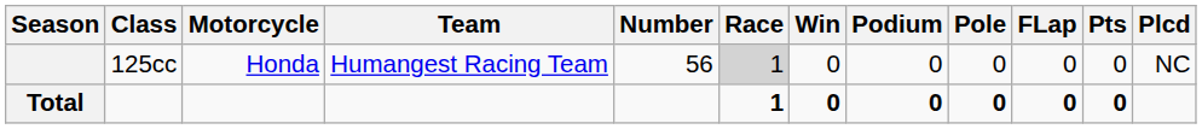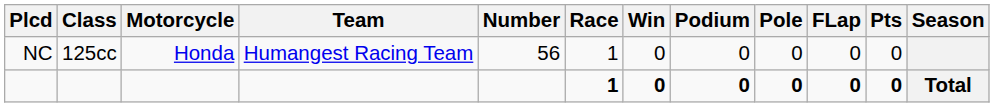 <table class="wikitable">
 <tr>
-<th>Season</th>
+<th>Plcd</th>
 <th>Class</th>
 <th>Motorcycle</th>
 <th>Team</th>
 <th>Number</th>
 <th>Race</th>
 <th>Win</th>
 <th>Podium</th>
 <th>Pole</th>
 <th>FLap</th>
 <th>Pts</th>
-<th>Plcd</th>
+<th>Season</th>
 </tr>
 <tr align="right">
-<th></th>
+<td>NC</td>
 <td>125cc</td>
 <td><a href='#'>Honda</a></td>
 <td><a href='#'>Humangest Racing Team</a></td>
 <td>56</td>
-<td style="background: lightgrey;">1</td>
+<td>1</td>
 <td>0</td>
 <td>0</td>
 <td>0</td>
 <td>0</td>
 <td>0</td>
-<td>NC</td>
+<th></th>
 </tr>
 <tr align="right">
-<th>Total</th>
+<td></td>
 <td></td>
 <td></td>
 <td></td>
 <td></td>
 <td><strong>1</strong></td>
 <td><strong>0</strong></td>
 <td><strong>0</strong></td>
 <td><strong>0</strong></td>
 <td><strong>0</strong></td>
 <td><strong>0</strong></td>
-<td></td>
+<th>Total</th>
 </tr>
 </table>
